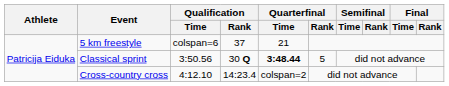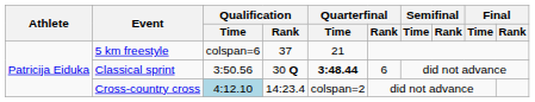 <table class="wikitable" style="font-size:90%">
 <tr>
 <th rowspan="2">Athlete</th>
 <th rowspan="2">Event</th>
 <th colspan="2">Qualification</th>
 <th colspan="2">Quarterfinal</th>
 <th colspan="2">Semifinal</th>
 <th colspan="2">Final</th>
 </tr>
 <tr style="font-size:95%">
 <th>Time</th>
 <th>Rank</th>
 <th>Time</th>
 <th>Rank</th>
 <th>Time</th>
 <th>Rank</th>
 <th>Time</th>
 <th>Rank</th>
 </tr>
 <tr align=center>
 <td align=left rowspan=3><a href='#'>Patricija Eiduka</a></td>
 <td align=left><a href='#'>5 km freestyle</a></td>
 <td>colspan=6 </td>
 <td>37</td>
 <td>21</td>
 </tr>
 <tr align=center>
 <td align=left><a href='#'>Classical sprint</a></td>
 <td>3:50.56</td>
 <td>30 <strong>Q</strong></td>
 <td><strong>3:48.44</strong></td>
-<td>5</td>
+<td>6</td>
 <td colspan=4>did not advance</td>
 </tr>
 <tr align=center>
 <td align=left><a href='#'>Cross-country cross</a></td>
-<td>4:12.10</td>
+<td style="background: lightblue;">4:12.10</td>
 <td>14:23.4</td>
 <td>colspan=2 </td>
 <td colspan=4>did not advance</td>
 </tr>
 </table>
